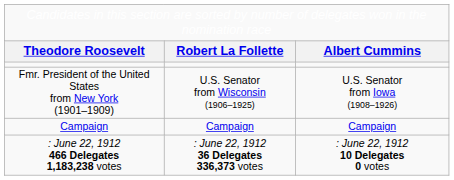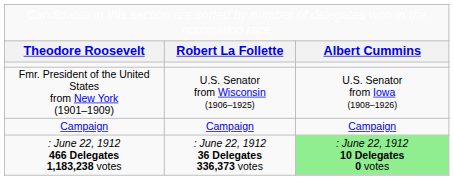 <table class="wikitable" style="font-size:90%">
 <tr>
 <td colspan="4" style="text-align:center; width:650px; font-size:120%; color:white; background:"><em>Candidates in this section are sorted by number of delegates won in the nomination race</em></td>
 </tr>
 <tr>
 <th scope="col" style="width:3em; font-size:120%;"><a href='#'>Theodore Roosevelt</a></th>
 <th scope="col" style="width:3em; font-size:120%;"><a href='#'>Robert La Follette</a></th>
 <th scope="col" style="width:3em; font-size:120%;"><a href='#'>Albert Cummins</a></th>
 </tr>
 <tr>
 <td></td>
 <td></td>
 <td></td>
 </tr>
 <tr style="text-align:center">
 <td>Fmr. President of the United States<br>from <a href='#'>New York</a><br>(1901–1909)</td>
 <td>U.S. Senator<br>from <a href='#'>Wisconsin</a><br><small>(1906–1925)</small></td>
 <td>U.S. Senator<br>from <a href='#'>Iowa</a><br><small>(1908–1926)</small></td>
 </tr>
 <tr style="text-align:center">
 <td><a href='#'>Campaign</a></td>
 <td><a href='#'>Campaign</a></td>
 <td><a href='#'>Campaign</a></td>
 </tr>
 <tr style="text-align:center">
 <td><em>: June 22, 1912</em><br><strong>466 Delegates<br>1,183,238</strong> votes</td>
 <td><em>: June 22, 1912</em><br><strong>36 Delegates<br>336,373</strong> votes</td>
-<td><em>: June 22, 1912</em><br><strong>10 Delegates<br>0</strong> votes</td>
+<td style="background: lightgreen;"><em>: June 22, 1912</em><br><strong>10 Delegates<br>0</strong> votes</td>
 </tr>
 </table>
